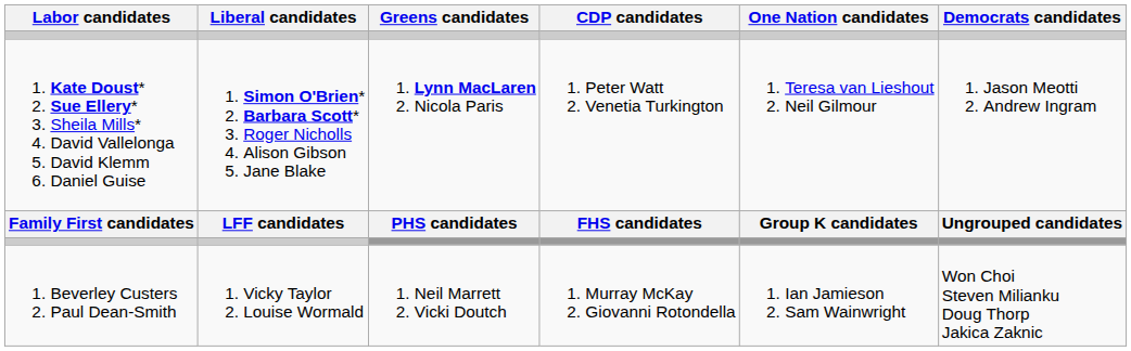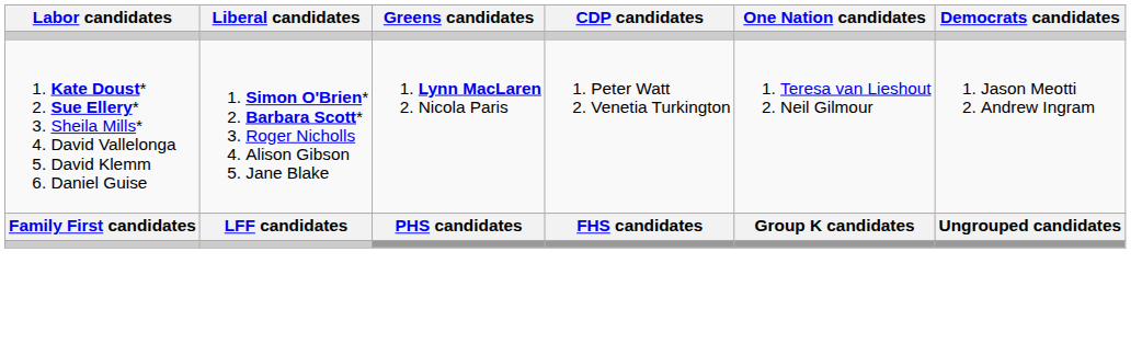 <table class="wikitable">
 <tr>
 <th><a href='#'>Labor</a> candidates</th>
 <th><a href='#'>Liberal</a> candidates</th>
 <th><a href='#'>Greens</a> candidates</th>
 <th><a href='#'>CDP</a> candidates</th>
 <th><a href='#'>One Nation</a> candidates</th>
 <th><a href='#'>Democrats</a> candidates</th>
 </tr>
 <tr bgcolor="#cccccc">
 <td></td>
 <td></td>
 <td></td>
 <td></td>
 <td></td>
 <td></td>
 </tr>
 <tr>
 <td><br><ol><li><strong><a href='#'>Kate Doust</a></strong>*</li><li><strong><a href='#'>Sue Ellery</a></strong>*</li><li><a href='#'>Sheila Mills</a>*</li><li>David Vallelonga</li><li>David Klemm</li><li>Daniel Guise</li></ol></td>
 <td><br><ol><li><strong><a href='#'>Simon O'Brien</a></strong>*</li><li><strong><a href='#'>Barbara Scott</a></strong>*</li><li><a href='#'>Roger Nicholls</a></li><li>Alison Gibson</li><li>Jane Blake</li></ol></td>
 <td valign=top><br><ol><li><strong><a href='#'>Lynn MacLaren</a></strong></li><li>Nicola Paris</li></ol></td>
 <td valign=top><br><ol><li>Peter Watt</li><li>Venetia Turkington</li></ol></td>
 <td valign=top><br><ol><li><a href='#'>Teresa van Lieshout</a></li><li>Neil Gilmour</li></ol></td>
 <td valign=top><br><ol><li>Jason Meotti</li><li>Andrew Ingram</li></ol></td>
 </tr>
 <tr bgcolor="#cccccc">
 <th><a href='#'>Family First</a> candidates</th>
 <th><a href='#'>LFF</a> candidates</th>
 <th><a href='#'>PHS</a> candidates</th>
 <th><a href='#'>FHS</a> candidates</th>
 <th>Group K candidates</th>
 <th>Ungrouped candidates</th>
 </tr>
 <tr bgcolor="#cccccc">
 <td></td>
 <td></td>
 <td bgcolor="#999999"></td>
 <td bgcolor="#999999"></td>
 <td bgcolor="#999999"></td>
 <td bgcolor="#999999"></td>
 </tr>
-<tr>
-<td valign=top><br><ol><li>Beverley Custers</li><li>Paul Dean-Smith</li></ol></td>
-<td valign=top><br><ol><li>Vicky Taylor</li><li>Louise Wormald</li></ol></td>
-<td valign=top><br><ol><li>Neil Marrett</li><li>Vicki Doutch</li></ol></td>
-<td valign=top><br><ol><li>Murray McKay</li><li>Giovanni Rotondella</li></ol></td>
-<td valign=top><br><ol><li>Ian Jamieson</li><li>Sam Wainwright</li></ol></td>
-<td valign=top><br>Won Choi<br> Steven Milianku<br> Doug Thorp<br> Jakica Zaknic</td>
-</tr>
 </table>
